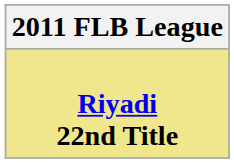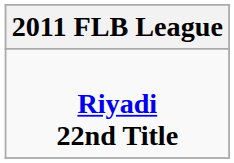 <table class="wikitable" style="text-align: center; margin: 0 auto;">
 <tr>
 <th>2011 FLB League</th>
 </tr>
 <tr>
-<td style="background: khaki;"><br><strong><a href='#'>Riyadi</a></strong><br><strong>22nd Title</strong></td>
+<td><br><strong><a href='#'>Riyadi</a></strong><br><strong>22nd Title</strong></td>
 </tr>
 </table>
